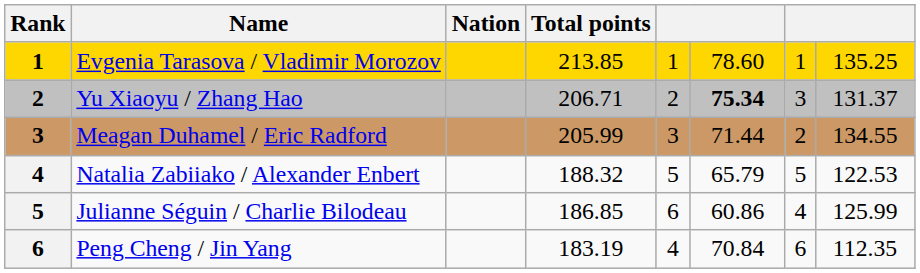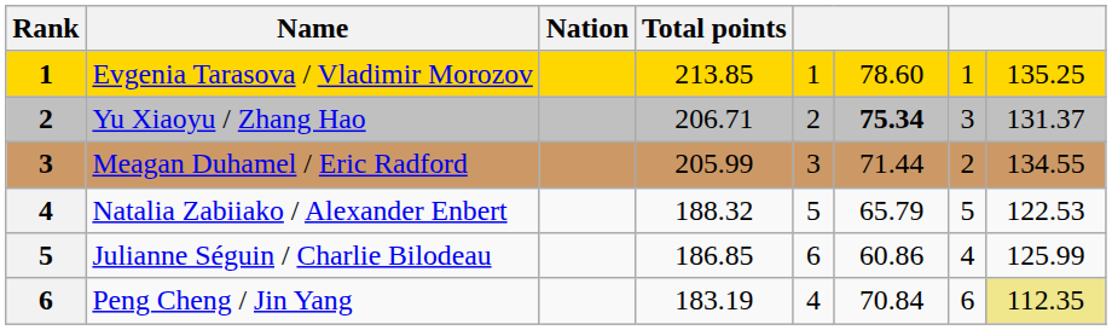 <table class="wikitable sortable">
 <tr>
 <th>Rank</th>
 <th>Name</th>
 <th>Nation</th>
 <th>Total points</th>
 <th colspan="2" width="80px"></th>
 <th colspan="2" width="80px"></th>
 </tr>
 <tr bgcolor="gold">
 <td align="center"><strong>1</strong></td>
 <td><a href='#'>Evgenia Tarasova</a> / <a href='#'>Vladimir Morozov</a></td>
 <td></td>
 <td align="center">213.85</td>
 <td align="center">1</td>
 <td align="center">78.60</td>
 <td align="center">1</td>
 <td align="center">135.25</td>
 </tr>
 <tr bgcolor="silver">
 <td align="center"><strong>2</strong></td>
 <td><a href='#'>Yu Xiaoyu</a> / <a href='#'>Zhang Hao</a></td>
 <td></td>
 <td align="center">206.71</td>
 <td align="center">2</td>
 <td align="center"><strong>75.34</strong></td>
 <td align="center">3</td>
 <td align="center">131.37</td>
 </tr>
 <tr bgcolor="cc9966">
 <td align="center"><strong>3</strong></td>
 <td><a href='#'>Meagan Duhamel</a> / <a href='#'>Eric Radford</a></td>
 <td></td>
 <td align="center">205.99</td>
 <td align="center">3</td>
 <td align="center">71.44</td>
 <td align="center">2</td>
 <td align="center">134.55</td>
 </tr>
 <tr>
 <th>4</th>
 <td><a href='#'>Natalia Zabiiako</a> / <a href='#'>Alexander Enbert</a></td>
 <td></td>
 <td align="center">188.32</td>
 <td align="center">5</td>
 <td align="center">65.79</td>
 <td align="center">5</td>
 <td align="center">122.53</td>
 </tr>
 <tr>
 <th>5</th>
 <td><a href='#'>Julianne Séguin</a> / <a href='#'>Charlie Bilodeau</a></td>
 <td></td>
 <td align="center">186.85</td>
 <td align="center">6</td>
 <td align="center">60.86</td>
 <td align="center">4</td>
 <td align="center">125.99</td>
 </tr>
 <tr>
 <th>6</th>
 <td><a href='#'>Peng Cheng</a> / <a href='#'>Jin Yang</a></td>
 <td></td>
 <td align="center">183.19</td>
 <td align="center">4</td>
 <td align="center">70.84</td>
 <td align="center">6</td>
-<td align="center">112.35</td>
+<td align="center" style="background: khaki;">112.35</td>
 </tr>
 </table>
